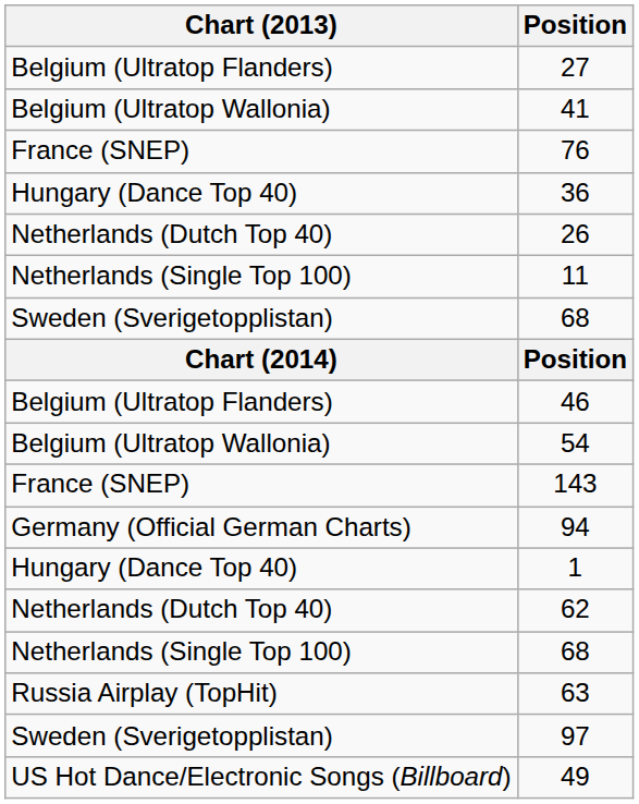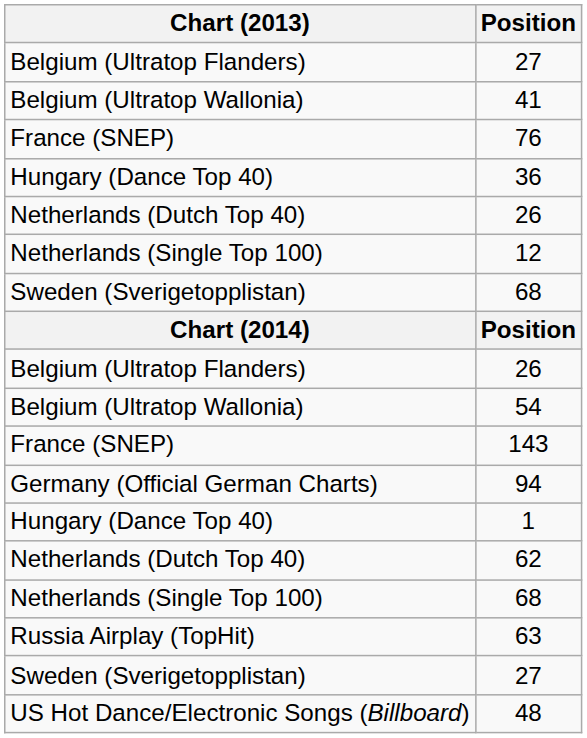 <table class="wikitable">
 <tr>
 <th scope="col">Chart (2013)</th>
 <th scope="col">Position</th>
 </tr>
 <tr>
 <td>Belgium (Ultratop Flanders)</td>
 <td align=center>27</td>
 </tr>
 <tr>
 <td>Belgium (Ultratop Wallonia)</td>
 <td align=center>41</td>
 </tr>
 <tr>
 <td>France (SNEP)</td>
 <td align=center>76</td>
 </tr>
 <tr>
 <td>Hungary (Dance Top 40)</td>
 <td align=center>36</td>
 </tr>
 <tr>
 <td>Netherlands (Dutch Top 40)</td>
 <td align=center>26</td>
 </tr>
 <tr>
 <td>Netherlands (Single Top 100)</td>
-<td align=center>11</td>
+<td align=center>12</td>
 </tr>
 <tr>
 <td>Sweden (Sverigetopplistan)</td>
 <td align=center>68</td>
 </tr>
 <tr>
 <th scope="col">Chart (2014)</th>
 <th scope="col">Position</th>
 </tr>
 <tr>
 <td>Belgium (Ultratop Flanders)</td>
-<td align=center>46</td>
+<td align=center>26</td>
 </tr>
 <tr>
 <td>Belgium (Ultratop Wallonia)</td>
 <td align=center>54</td>
 </tr>
 <tr>
 <td>France (SNEP)</td>
 <td align=center>143</td>
 </tr>
 <tr>
 <td>Germany (Official German Charts)</td>
 <td align=center>94</td>
 </tr>
 <tr>
 <td>Hungary (Dance Top 40)</td>
 <td align=center>1</td>
 </tr>
 <tr>
 <td>Netherlands (Dutch Top 40)</td>
 <td align=center>62</td>
 </tr>
 <tr>
 <td>Netherlands (Single Top 100)</td>
 <td align=center>68</td>
 </tr>
 <tr>
 <td>Russia Airplay (TopHit)</td>
 <td align=center>63</td>
 </tr>
 <tr>
 <td>Sweden (Sverigetopplistan)</td>
-<td align=center>97</td>
+<td align=center>27</td>
 </tr>
 <tr>
 <td>US Hot Dance/Electronic Songs (<em>Billboard</em>)</td>
-<td align=center>49</td>
+<td align=center>48</td>
 </tr>
 </table>
